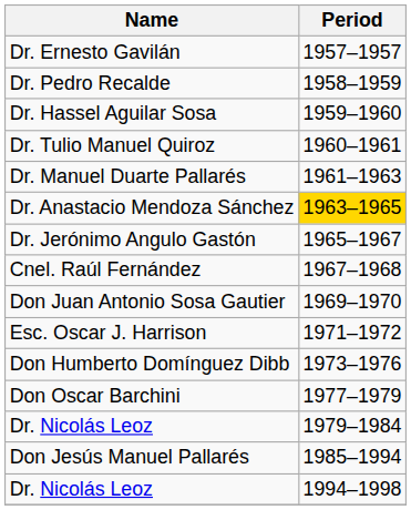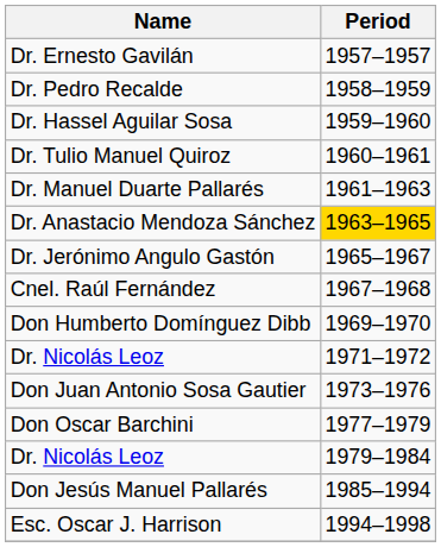 <table class="wikitable">
 <tr>
 <th>Name</th>
 <th>Period</th>
 </tr>
 <tr>
 <td>Dr. Ernesto Gavilán</td>
 <td>1957–1957</td>
 </tr>
 <tr>
 <td>Dr. Pedro Recalde</td>
 <td>1958–1959</td>
 </tr>
 <tr>
 <td>Dr. Hassel Aguilar Sosa</td>
 <td>1959–1960</td>
 </tr>
 <tr>
 <td>Dr. Tulio Manuel Quiroz</td>
 <td>1960–1961</td>
 </tr>
 <tr>
 <td>Dr. Manuel Duarte Pallarés</td>
 <td>1961–1963</td>
 </tr>
 <tr>
 <td>Dr. Anastacio Mendoza Sánchez</td>
 <td style="background: gold;">1963–1965</td>
 </tr>
 <tr>
 <td>Dr. Jerónimo Angulo Gastón</td>
 <td>1965–1967</td>
 </tr>
 <tr>
 <td>Cnel. Raúl Fernández</td>
 <td>1967–1968</td>
 </tr>
 <tr>
-<td>Don Juan Antonio Sosa Gautier</td>
+<td>Don Humberto Domínguez Dibb</td>
 <td>1969–1970</td>
 </tr>
 <tr>
-<td>Esc. Oscar J. Harrison</td>
+<td>Dr. <a href='#'>Nicolás Leoz</a></td>
 <td>1971–1972</td>
 </tr>
 <tr>
-<td>Don Humberto Domínguez Dibb</td>
+<td>Don Juan Antonio Sosa Gautier</td>
 <td>1973–1976</td>
 </tr>
 <tr>
 <td>Don Oscar Barchini</td>
 <td>1977–1979</td>
 </tr>
 <tr>
 <td>Dr. <a href='#'>Nicolás Leoz</a></td>
 <td>1979–1984</td>
 </tr>
 <tr>
 <td>Don Jesús Manuel Pallarés</td>
 <td>1985–1994</td>
 </tr>
 <tr>
-<td>Dr. <a href='#'>Nicolás Leoz</a></td>
+<td>Esc. Oscar J. Harrison</td>
 <td>1994–1998</td>
 </tr>
 <tr>
 </tr>
 </table>
